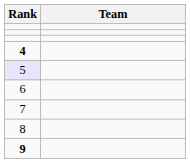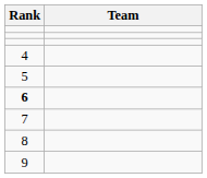 <table class="wikitable" style="text-align: left;">
 <tr>
 <th width=40>Rank</th>
 <th width=180>Team</th>
 </tr>
 <tr>
 <td align=center></td>
 <td></td>
 </tr>
 <tr>
 <td align=center></td>
 <td></td>
 </tr>
 <tr>
 <td align=center></td>
 <td></td>
 </tr>
 <tr>
-<td align=center><strong>4</strong></td>
+<td align=center>4</td>
 <td></td>
 </tr>
 <tr>
-<td align=center style="background: lavender;">5</td>
+<td align=center>5</td>
 <td></td>
 </tr>
 <tr>
-<td align=center>6</td>
+<td align=center><strong>6</strong></td>
 <td></td>
 </tr>
 <tr>
 <td align=center>7</td>
 <td></td>
 </tr>
 <tr>
 <td align=center>8</td>
 <td></td>
 </tr>
 <tr>
-<td align=center><strong>9</strong></td>
+<td align=center>9</td>
 <td></td>
 </tr>
 </table>
